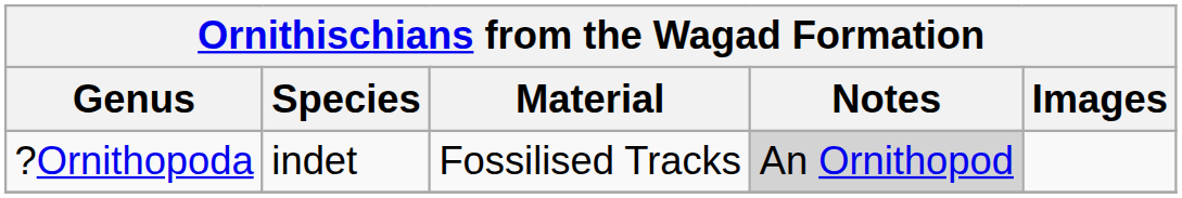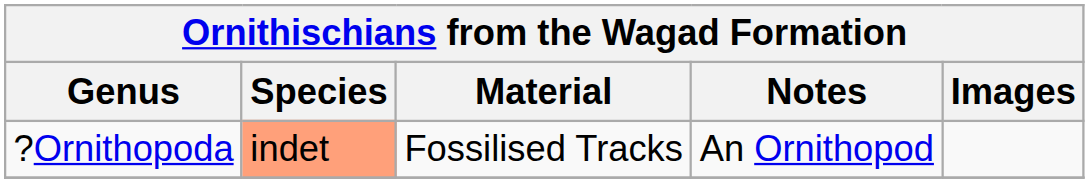 <table class="wikitable" align="center">
 <tr>
 <th colspan="7" align="center"><strong><a href='#'>Ornithischians</a> from the Wagad Formation</strong></th>
 </tr>
 <tr>
 <th>Genus</th>
 <th>Species</th>
 <th>Material</th>
 <th>Notes</th>
 <th>Images</th>
 </tr>
 <tr>
 <td>?<a href='#'>Ornithopoda</a></td>
-<td>indet</td>
+<td style="background: lightsalmon;">indet</td>
 <td>Fossilised Tracks</td>
-<td style="background: lightgrey;">An <a href='#'>Ornithopod</a></td>
+<td>An <a href='#'>Ornithopod</a></td>
 <td></td>
 </tr>
 <tr>
 </tr>
 </table>
